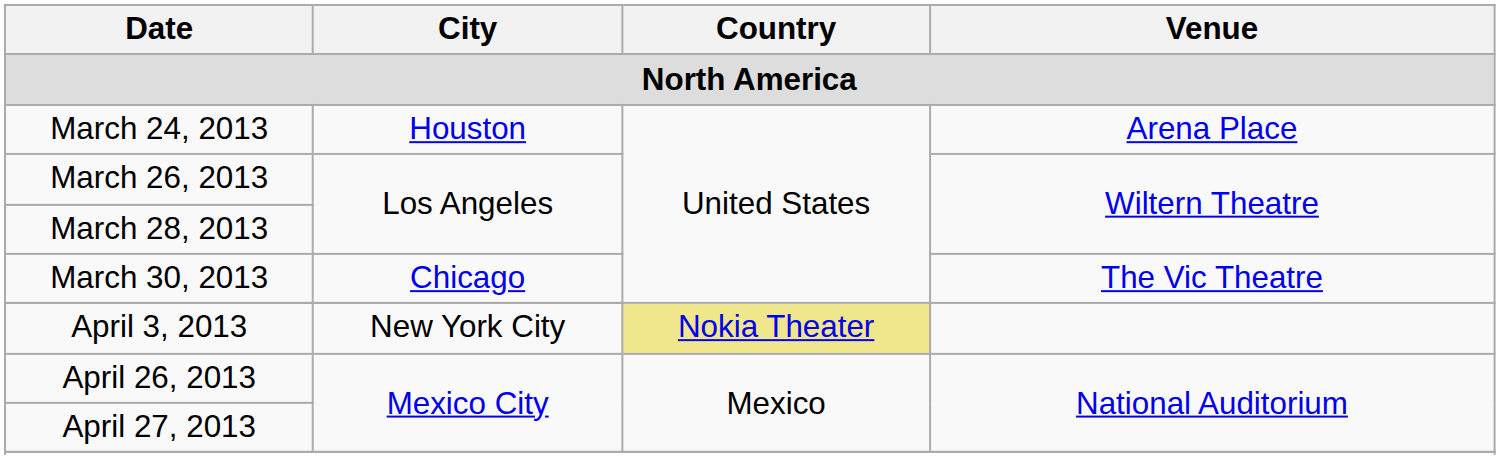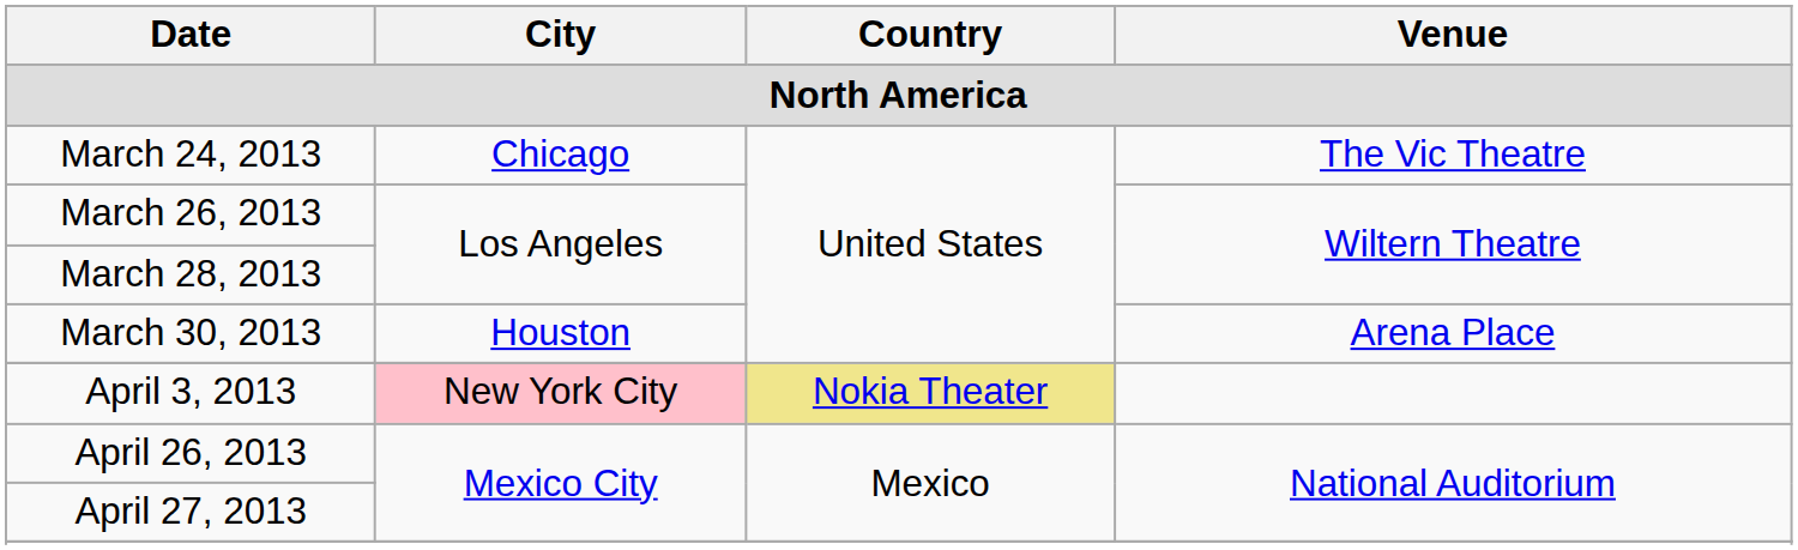 <table class="wikitable" style="text-align:center;">
 <tr>
 <th width="150">Date</th>
 <th width="150">City</th>
 <th width="150">Country</th>
 <th width="280">Venue</th>
 </tr>
 <tr style="background:#ddd;">
 <td colspan="7"><strong>North America</strong></td>
 </tr>
 <tr>
 <td>March 24, 2013</td>
-<td><a href='#'>Houston</a></td>
+<td><a href='#'>Chicago</a></td>
 <td rowspan="5">United States</td>
-<td><a href='#'>Arena Place</a></td>
+<td><a href='#'>The Vic Theatre</a></td>
 </tr>
 <tr>
 <td>March 26, 2013</td>
 <td rowspan="2">Los Angeles</td>
 <td rowspan="2"><a href='#'>Wiltern Theatre</a></td>
 </tr>
 <tr>
 <td>March 28, 2013</td>
 </tr>
 <tr>
 <td>March 30, 2013</td>
-<td><a href='#'>Chicago</a></td>
-<td><a href='#'>The Vic Theatre</a></td>
+<td><a href='#'>Houston</a></td>
+<td><a href='#'>Arena Place</a></td>
 </tr>
 <tr>
 </tr>
 <tr>
 <td>April 3, 2013</td>
-<td>New York City</td>
+<td style="background: pink;">New York City</td>
 <td style="background: khaki;"><a href='#'>Nokia Theater</a></td>
 </tr>
 <tr>
 <td>April 26, 2013</td>
 <td rowspan="2"><a href='#'>Mexico City</a></td>
 <td rowspan="2">Mexico</td>
 <td rowspan="2"><a href='#'>National Auditorium</a></td>
 </tr>
 <tr>
 <td>April 27, 2013</td>
 </tr>
 <tr>
 </tr>
 <tr>
 </tr>
 </table>
